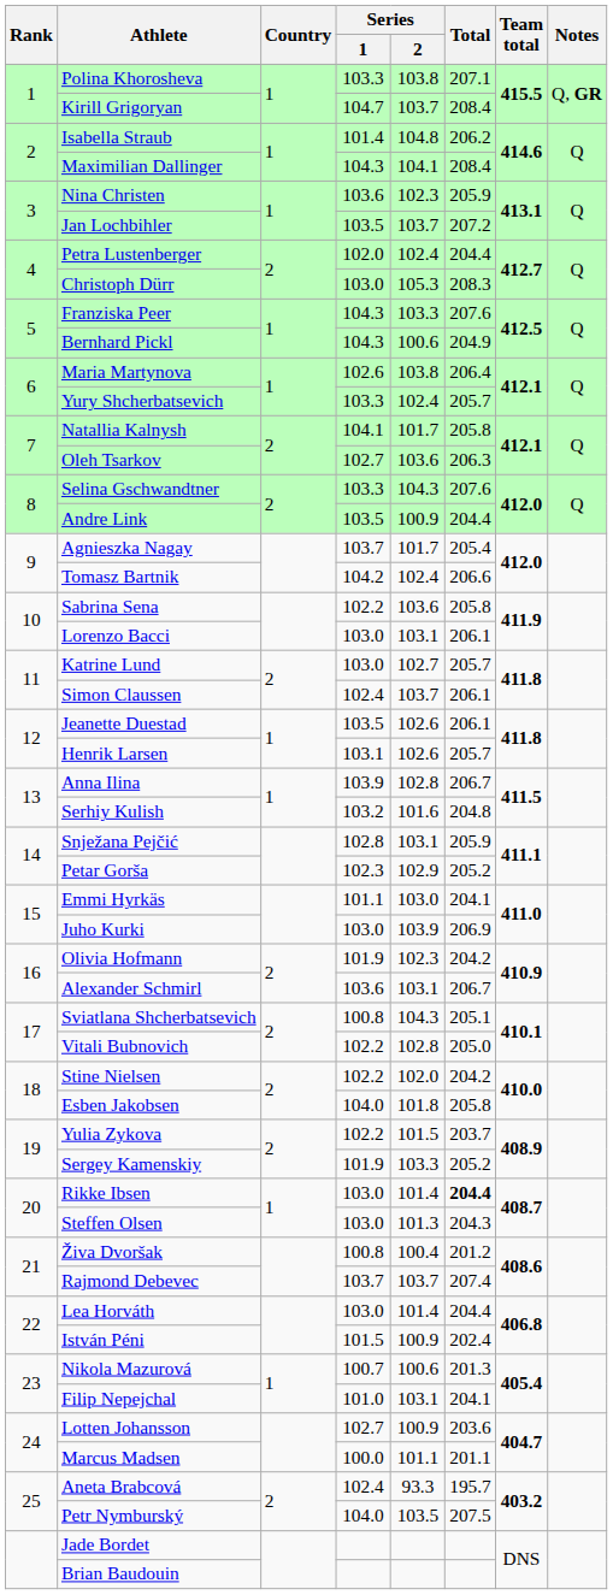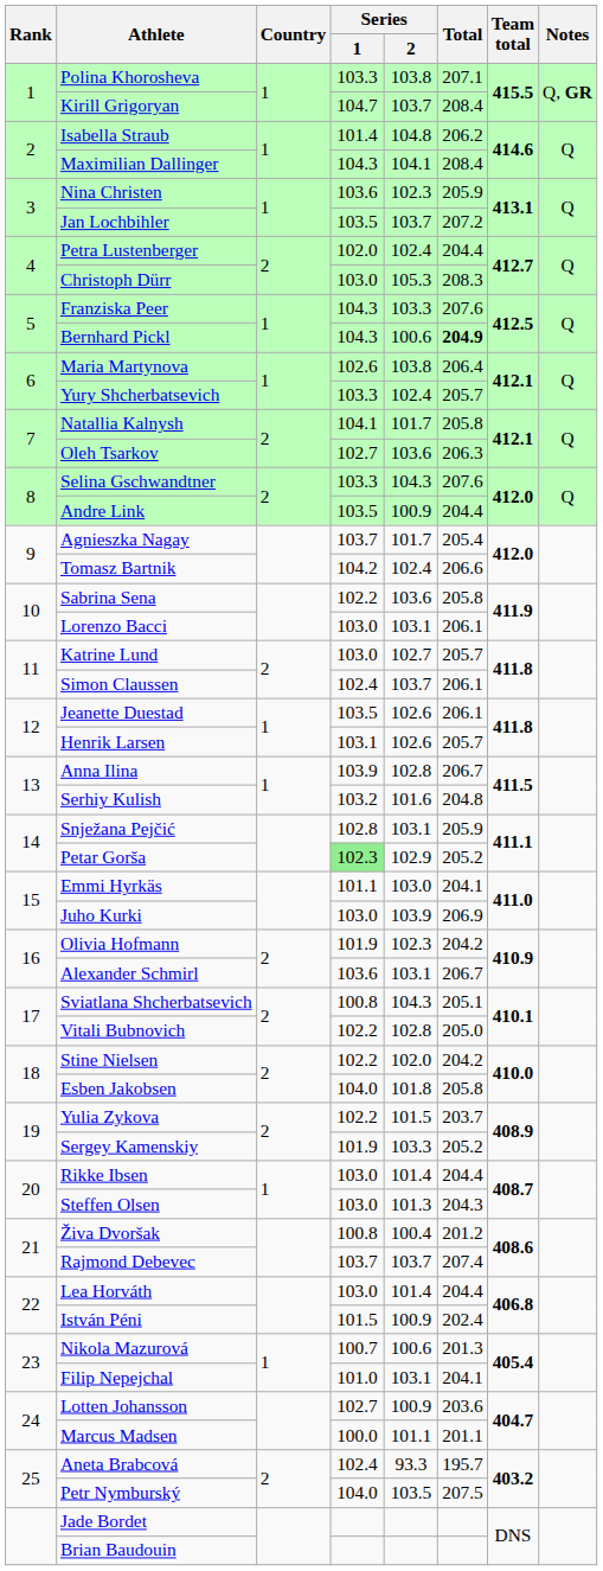 <table class="wikitable sortable" style="text-align:center">
 <tr>
 <th rowspan=2>Rank</th>
 <th rowspan=2>Athlete</th>
 <th rowspan=2>Country</th>
 <th colspan=2>Series</th>
 <th rowspan=2>Total</th>
 <th rowspan=2>Team<br>total</th>
 <th rowspan=2>Notes</th>
 </tr>
 <tr>
 <th class="unsortable" width="40px">1</th>
 <th class="unsortable" width="40px">2</th>
 </tr>
 <tr bgcolor=bbffbb>
 <td rowspan=2>1</td>
 <td align=left><a href='#'>Polina Khorosheva</a></td>
 <td rowspan=2 align=left> 1</td>
 <td>103.3</td>
 <td>103.8</td>
 <td>207.1</td>
 <td rowspan=2><strong>415.5</strong></td>
 <td rowspan=2>Q, <strong>GR</strong></td>
 </tr>
 <tr bgcolor=bbffbb>
 <td align=left><a href='#'>Kirill Grigoryan</a></td>
 <td>104.7</td>
 <td>103.7</td>
 <td>208.4</td>
 </tr>
 <tr bgcolor=bbffbb>
 <td rowspan=2>2</td>
 <td align=left><a href='#'>Isabella Straub</a></td>
 <td rowspan=2 align=left> 1</td>
 <td>101.4</td>
 <td>104.8</td>
 <td>206.2</td>
 <td rowspan=2><strong>414.6</strong></td>
 <td rowspan=2>Q</td>
 </tr>
 <tr bgcolor=bbffbb>
 <td align=left><a href='#'>Maximilian Dallinger</a></td>
 <td>104.3</td>
 <td>104.1</td>
 <td>208.4</td>
 </tr>
 <tr bgcolor=bbffbb>
 <td rowspan=2>3</td>
 <td align=left><a href='#'>Nina Christen</a></td>
 <td rowspan=2 align=left> 1</td>
 <td>103.6</td>
 <td>102.3</td>
 <td>205.9</td>
 <td rowspan=2><strong>413.1</strong></td>
 <td rowspan=2>Q</td>
 </tr>
 <tr bgcolor=bbffbb>
 <td align=left><a href='#'>Jan Lochbihler</a></td>
 <td>103.5</td>
 <td>103.7</td>
 <td>207.2</td>
 </tr>
 <tr bgcolor=bbffbb>
 <td rowspan=2>4</td>
 <td align=left><a href='#'>Petra Lustenberger</a></td>
 <td rowspan=2 align=left> 2</td>
 <td>102.0</td>
 <td>102.4</td>
 <td>204.4</td>
 <td rowspan=2><strong>412.7</strong></td>
 <td rowspan=2>Q</td>
 </tr>
 <tr bgcolor=bbffbb>
 <td align=left><a href='#'>Christoph Dürr</a></td>
 <td>103.0</td>
 <td>105.3</td>
 <td>208.3</td>
 </tr>
 <tr bgcolor=bbffbb>
 <td rowspan=2>5</td>
 <td align=left><a href='#'>Franziska Peer</a></td>
 <td rowspan=2 align=left> 1</td>
 <td>104.3</td>
 <td>103.3</td>
 <td>207.6</td>
 <td rowspan=2><strong>412.5</strong></td>
 <td rowspan=2>Q</td>
 </tr>
 <tr bgcolor=bbffbb>
 <td align=left><a href='#'>Bernhard Pickl</a></td>
 <td>104.3</td>
 <td>100.6</td>
-<td>204.9</td>
+<td><strong>204.9</strong></td>
 </tr>
 <tr bgcolor=bbffbb>
 <td rowspan=2>6</td>
 <td align=left><a href='#'>Maria Martynova</a></td>
 <td rowspan=2 align=left> 1</td>
 <td>102.6</td>
 <td>103.8</td>
 <td>206.4</td>
 <td rowspan=2><strong>412.1</strong></td>
 <td rowspan=2>Q</td>
 </tr>
 <tr bgcolor=bbffbb>
 <td align=left><a href='#'>Yury Shcherbatsevich</a></td>
 <td>103.3</td>
 <td>102.4</td>
 <td>205.7</td>
 </tr>
 <tr bgcolor=bbffbb>
 <td rowspan=2>7</td>
 <td align=left><a href='#'>Natallia Kalnysh</a></td>
 <td rowspan=2 align=left> 2</td>
 <td>104.1</td>
 <td>101.7</td>
 <td>205.8</td>
 <td rowspan=2><strong>412.1</strong></td>
 <td rowspan=2>Q</td>
 </tr>
 <tr bgcolor=bbffbb>
 <td align=left><a href='#'>Oleh Tsarkov</a></td>
 <td>102.7</td>
 <td>103.6</td>
 <td>206.3</td>
 </tr>
 <tr bgcolor=bbffbb>
 <td rowspan=2>8</td>
 <td align=left><a href='#'>Selina Gschwandtner</a></td>
 <td rowspan=2 align=left> 2</td>
 <td>103.3</td>
 <td>104.3</td>
 <td>207.6</td>
 <td rowspan=2><strong>412.0</strong></td>
 <td rowspan=2>Q</td>
 </tr>
 <tr bgcolor=bbffbb>
 <td align=left><a href='#'>Andre Link</a></td>
 <td>103.5</td>
 <td>100.9</td>
 <td>204.4</td>
 </tr>
 <tr>
 <td rowspan=2>9</td>
 <td align=left><a href='#'>Agnieszka Nagay</a></td>
 <td rowspan=2 align=left></td>
 <td>103.7</td>
 <td>101.7</td>
 <td>205.4</td>
 <td rowspan=2><strong>412.0</strong></td>
 <td rowspan=2></td>
 </tr>
 <tr>
 <td align=left><a href='#'>Tomasz Bartnik</a></td>
 <td>104.2</td>
 <td>102.4</td>
 <td>206.6</td>
 </tr>
 <tr>
 <td rowspan=2>10</td>
 <td align=left><a href='#'>Sabrina Sena</a></td>
 <td rowspan=2 align=left></td>
 <td>102.2</td>
 <td>103.6</td>
 <td>205.8</td>
 <td rowspan=2><strong>411.9</strong></td>
 <td rowspan=2></td>
 </tr>
 <tr>
 <td align=left><a href='#'>Lorenzo Bacci</a></td>
 <td>103.0</td>
 <td>103.1</td>
 <td>206.1</td>
 </tr>
 <tr>
 <td rowspan=2>11</td>
 <td align=left><a href='#'>Katrine Lund</a></td>
 <td rowspan=2 align=left> 2</td>
 <td>103.0</td>
 <td>102.7</td>
 <td>205.7</td>
 <td rowspan=2><strong>411.8</strong></td>
 <td rowspan=2></td>
 </tr>
 <tr>
 <td align=left><a href='#'>Simon Claussen</a></td>
 <td>102.4</td>
 <td>103.7</td>
 <td>206.1</td>
 </tr>
 <tr>
 <td rowspan=2>12</td>
 <td align=left><a href='#'>Jeanette Duestad</a></td>
 <td rowspan=2 align=left> 1</td>
 <td>103.5</td>
 <td>102.6</td>
 <td>206.1</td>
 <td rowspan=2><strong>411.8</strong></td>
 <td rowspan=2></td>
 </tr>
 <tr>
 <td align=left><a href='#'>Henrik Larsen</a></td>
 <td>103.1</td>
 <td>102.6</td>
 <td>205.7</td>
 </tr>
 <tr>
 <td rowspan=2>13</td>
 <td align=left><a href='#'>Anna Ilina</a></td>
 <td rowspan=2 align=left> 1</td>
 <td>103.9</td>
 <td>102.8</td>
 <td>206.7</td>
 <td rowspan=2><strong>411.5</strong></td>
 <td rowspan=2></td>
 </tr>
 <tr>
 <td align=left><a href='#'>Serhiy Kulish</a></td>
 <td>103.2</td>
 <td>101.6</td>
 <td>204.8</td>
 </tr>
 <tr>
 <td rowspan=2>14</td>
 <td align=left><a href='#'>Snježana Pejčić</a></td>
 <td rowspan=2 align=left></td>
 <td>102.8</td>
 <td>103.1</td>
 <td>205.9</td>
 <td rowspan=2><strong>411.1</strong></td>
 <td rowspan=2></td>
 </tr>
 <tr>
 <td align=left><a href='#'>Petar Gorša</a></td>
-<td>102.3</td>
+<td style="background: lightgreen;">102.3</td>
 <td>102.9</td>
 <td>205.2</td>
 </tr>
 <tr>
 <td rowspan=2>15</td>
 <td align=left><a href='#'>Emmi Hyrkäs</a></td>
 <td rowspan=2 align=left></td>
 <td>101.1</td>
 <td>103.0</td>
 <td>204.1</td>
 <td rowspan=2><strong>411.0</strong></td>
 <td rowspan=2></td>
 </tr>
 <tr>
 <td align=left><a href='#'>Juho Kurki</a></td>
 <td>103.0</td>
 <td>103.9</td>
 <td>206.9</td>
 </tr>
 <tr>
 <td rowspan=2>16</td>
 <td align=left><a href='#'>Olivia Hofmann</a></td>
 <td rowspan=2 align=left> 2</td>
 <td>101.9</td>
 <td>102.3</td>
 <td>204.2</td>
 <td rowspan=2><strong>410.9</strong></td>
 <td rowspan=2></td>
 </tr>
 <tr>
 <td align=left><a href='#'>Alexander Schmirl</a></td>
 <td>103.6</td>
 <td>103.1</td>
 <td>206.7</td>
 </tr>
 <tr>
 <td rowspan=2>17</td>
 <td align=left><a href='#'>Sviatlana Shcherbatsevich</a></td>
 <td rowspan=2 align=left> 2</td>
 <td>100.8</td>
 <td>104.3</td>
 <td>205.1</td>
 <td rowspan=2><strong>410.1</strong></td>
 <td rowspan=2></td>
 </tr>
 <tr>
 <td align=left><a href='#'>Vitali Bubnovich</a></td>
 <td>102.2</td>
 <td>102.8</td>
 <td>205.0</td>
 </tr>
 <tr>
 <td rowspan=2>18</td>
 <td align=left><a href='#'>Stine Nielsen</a></td>
 <td rowspan=2 align=left> 2</td>
 <td>102.2</td>
 <td>102.0</td>
 <td>204.2</td>
 <td rowspan=2><strong>410.0</strong></td>
 <td rowspan=2></td>
 </tr>
 <tr>
 <td align=left><a href='#'>Esben Jakobsen</a></td>
 <td>104.0</td>
 <td>101.8</td>
 <td>205.8</td>
 </tr>
 <tr>
 <td rowspan=2>19</td>
 <td align=left><a href='#'>Yulia Zykova</a></td>
 <td rowspan=2 align=left> 2</td>
 <td>102.2</td>
 <td>101.5</td>
 <td>203.7</td>
 <td rowspan=2><strong>408.9</strong></td>
 <td rowspan=2></td>
 </tr>
 <tr>
 <td align=left><a href='#'>Sergey Kamenskiy</a></td>
 <td>101.9</td>
 <td>103.3</td>
 <td>205.2</td>
 </tr>
 <tr>
 <td rowspan=2>20</td>
 <td align=left><a href='#'>Rikke Ibsen</a></td>
 <td rowspan=2 align=left> 1</td>
 <td>103.0</td>
 <td>101.4</td>
-<td><strong>204.4</strong></td>
+<td>204.4</td>
 <td rowspan=2><strong>408.7</strong></td>
 <td rowspan=2></td>
 </tr>
 <tr>
 <td align=left><a href='#'>Steffen Olsen</a></td>
 <td>103.0</td>
 <td>101.3</td>
 <td>204.3</td>
 </tr>
 <tr>
 <td rowspan=2>21</td>
 <td align=left><a href='#'>Živa Dvoršak</a></td>
 <td rowspan=2 align=left></td>
 <td>100.8</td>
 <td>100.4</td>
 <td>201.2</td>
 <td rowspan=2><strong>408.6</strong></td>
 <td rowspan=2></td>
 </tr>
 <tr>
 <td align=left><a href='#'>Rajmond Debevec</a></td>
 <td>103.7</td>
 <td>103.7</td>
 <td>207.4</td>
 </tr>
 <tr>
 <td rowspan=2>22</td>
 <td align=left><a href='#'>Lea Horváth</a></td>
 <td rowspan=2 align=left></td>
 <td>103.0</td>
 <td>101.4</td>
 <td>204.4</td>
 <td rowspan=2><strong>406.8</strong></td>
 <td rowspan=2></td>
 </tr>
 <tr>
 <td align=left><a href='#'>István Péni</a></td>
 <td>101.5</td>
 <td>100.9</td>
 <td>202.4</td>
 </tr>
 <tr>
 <td rowspan=2>23</td>
 <td align=left><a href='#'>Nikola Mazurová</a></td>
 <td rowspan=2 align=left> 1</td>
 <td>100.7</td>
 <td>100.6</td>
 <td>201.3</td>
 <td rowspan=2><strong>405.4</strong></td>
 <td rowspan=2></td>
 </tr>
 <tr>
 <td align=left><a href='#'>Filip Nepejchal</a></td>
 <td>101.0</td>
 <td>103.1</td>
 <td>204.1</td>
 </tr>
 <tr>
 <td rowspan=2>24</td>
 <td align=left><a href='#'>Lotten Johansson</a></td>
 <td rowspan=2 align=left></td>
 <td>102.7</td>
 <td>100.9</td>
 <td>203.6</td>
 <td rowspan=2><strong>404.7</strong></td>
 <td rowspan=2></td>
 </tr>
 <tr>
 <td align=left><a href='#'>Marcus Madsen</a></td>
 <td>100.0</td>
 <td>101.1</td>
 <td>201.1</td>
 </tr>
 <tr>
 <td rowspan=2>25</td>
 <td align=left><a href='#'>Aneta Brabcová</a></td>
 <td rowspan=2 align=left> 2</td>
 <td>102.4</td>
 <td>93.3</td>
 <td>195.7</td>
 <td rowspan=2><strong>403.2</strong></td>
 <td rowspan=2></td>
 </tr>
 <tr>
 <td align=left><a href='#'>Petr Nymburský</a></td>
 <td>104.0</td>
 <td>103.5</td>
 <td>207.5</td>
 </tr>
 <tr>
 <td rowspan=2></td>
 <td align=left><a href='#'>Jade Bordet</a></td>
 <td rowspan=2 align=left></td>
 <td></td>
 <td></td>
 <td></td>
 <td rowspan=2>DNS</td>
 <td rowspan=2></td>
 </tr>
 <tr>
 <td align=left><a href='#'>Brian Baudouin</a></td>
 <td></td>
 <td></td>
 <td></td>
 </tr>
 </table>
